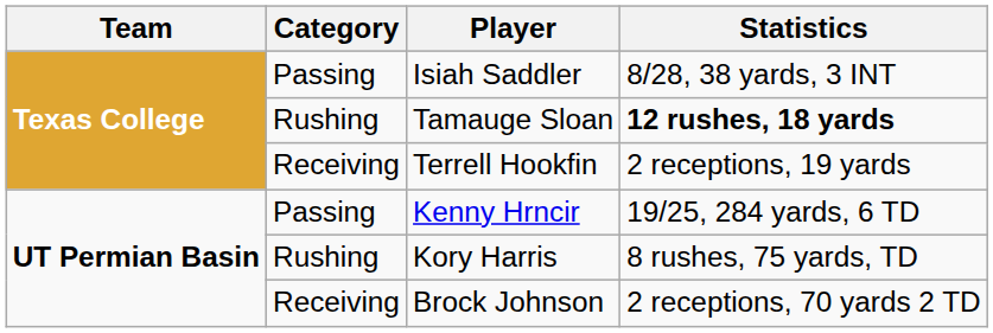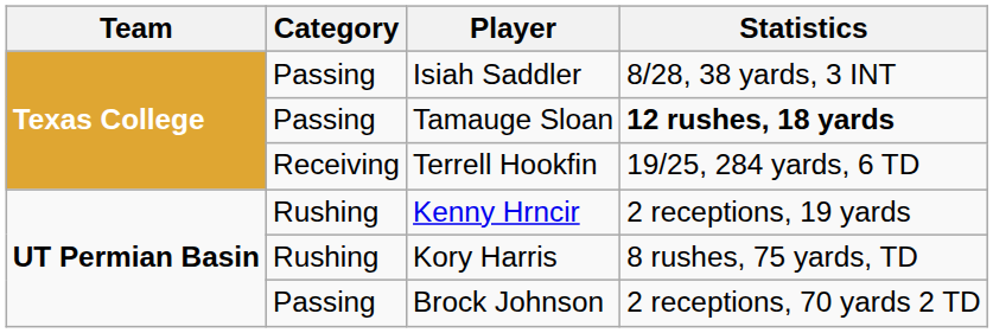 <table class="wikitable" style="float: right;">
 <tr>
 <th>Team</th>
 <th>Category</th>
 <th>Player</th>
 <th>Statistics</th>
 </tr>
 <tr>
 <td rowspan=3 style="background:#DFA632; color:white; "><strong>Texas College</strong></td>
 <td>Passing</td>
 <td>Isiah Saddler</td>
 <td>8/28, 38 yards, 3 INT</td>
 </tr>
 <tr>
-<td>Rushing</td>
+<td>Passing</td>
 <td>Tamauge Sloan</td>
 <td><strong>12 rushes, 18 yards</strong></td>
 </tr>
 <tr>
 <td>Receiving</td>
 <td>Terrell Hookfin</td>
-<td>2 receptions, 19 yards</td>
+<td>19/25, 284 yards, 6 TD</td>
 </tr>
 <tr>
 <td rowspan=3><strong>UT Permian Basin</strong></td>
-<td>Passing</td>
+<td>Rushing</td>
 <td><a href='#'>Kenny Hrncir</a></td>
-<td>19/25, 284 yards, 6 TD</td>
+<td>2 receptions, 19 yards</td>
 </tr>
 <tr>
 <td>Rushing</td>
 <td>Kory Harris</td>
 <td>8 rushes, 75 yards, TD</td>
 </tr>
 <tr>
-<td>Receiving</td>
+<td>Passing</td>
 <td>Brock Johnson</td>
 <td>2 receptions, 70 yards 2 TD</td>
 </tr>
 </table>
